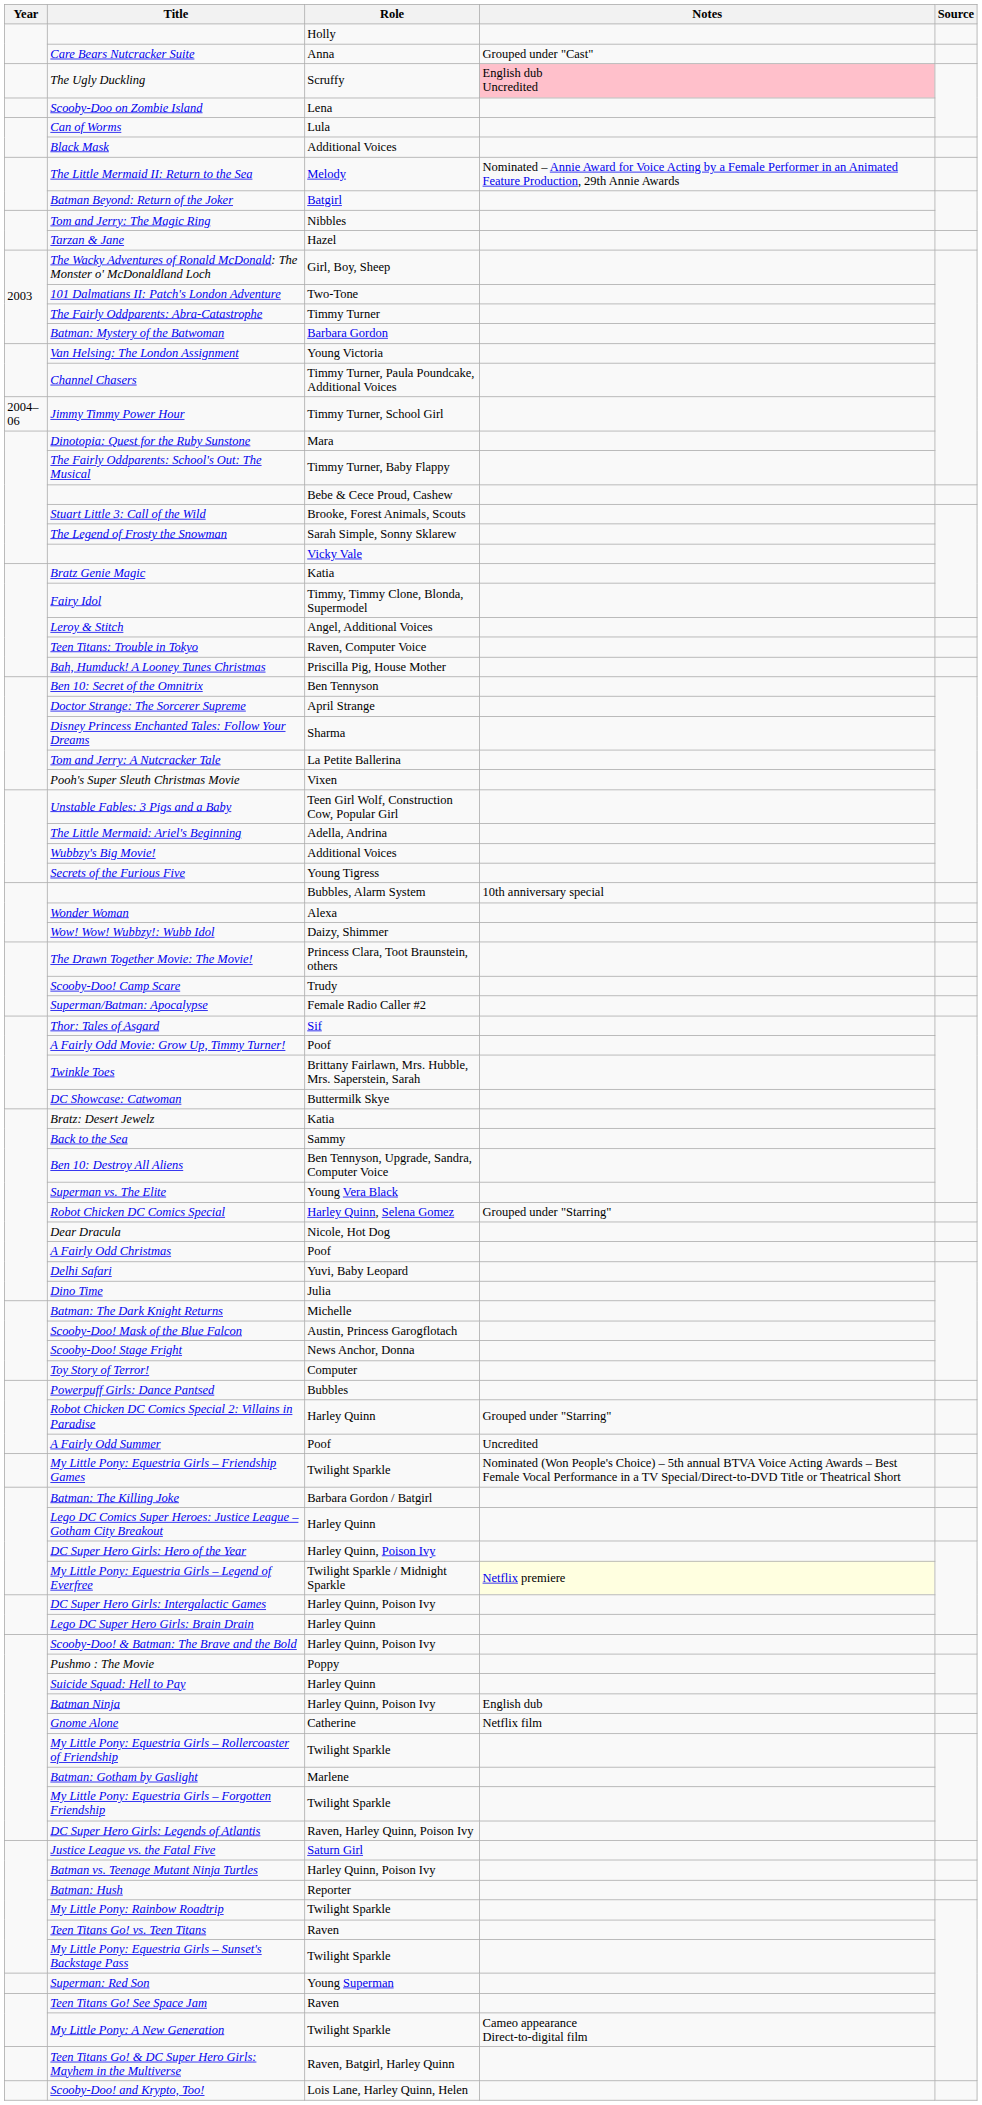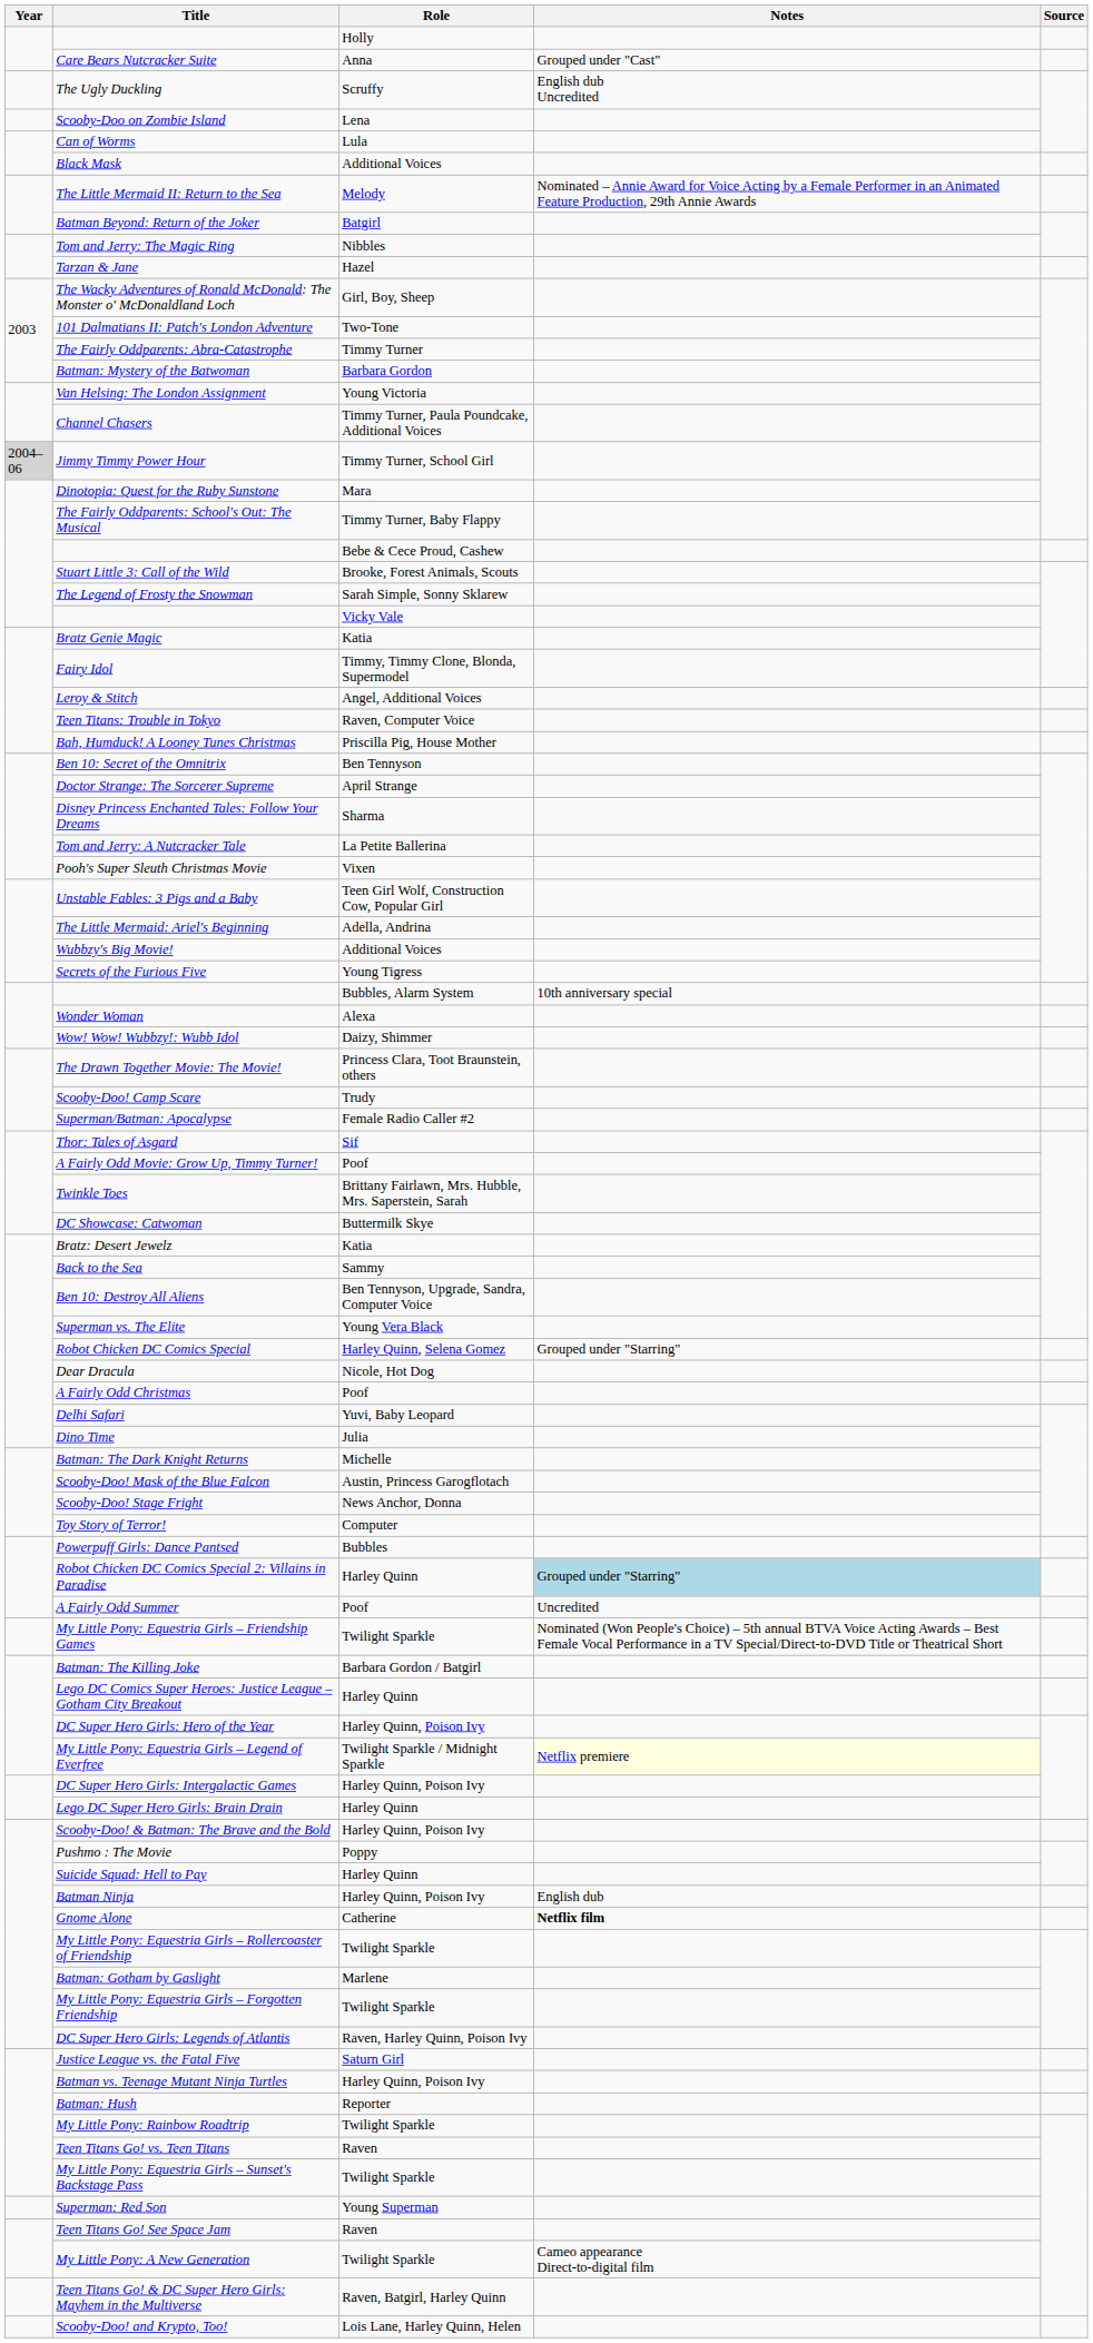 <table class="wikitable sortable plainrowheaders">
 <tr>
 <th>Year </th>
 <th>Title</th>
 <th>Role </th>
 <th class="unsortable">Notes </th>
 <th class="unsortable">Source</th>
 </tr>
 <tr>
 <td rowspan="2"></td>
 <td><em></em></td>
 <td>Holly</td>
 <td> </td>
 <td></td>
 </tr>
 <tr>
 <td><em><a href='#'>Care Bears Nutcracker Suite</a></em></td>
 <td>Anna</td>
 <td>Grouped under "Cast"</td>
 <td></td>
 </tr>
 <tr>
 <td></td>
 <td><em>The Ugly Duckling</em></td>
 <td>Scruffy</td>
-<td style="background: pink;">English dub<br>Uncredited</td>
+<td>English dub<br>Uncredited</td>
 <td rowspan="3"></td>
 </tr>
 <tr>
 <td></td>
 <td><em><a href='#'>Scooby-Doo on Zombie Island</a></em></td>
 <td>Lena</td>
 <td> </td>
 </tr>
 <tr>
 <td rowspan="2"></td>
 <td><em><a href='#'>Can of Worms</a></em></td>
 <td>Lula</td>
 <td> </td>
 </tr>
 <tr>
 <td><em><a href='#'>Black Mask</a></em></td>
 <td>Additional Voices</td>
 <td></td>
 <td> </td>
 </tr>
 <tr>
 <td rowspan="2"></td>
 <td><em><a href='#'>The Little Mermaid II: Return to the Sea</a></em></td>
 <td><a href='#'>Melody</a></td>
 <td>Nominated – <a href='#'>Annie Award for Voice Acting by a Female Performer in an Animated Feature Production</a>, 29th Annie Awards</td>
 <td></td>
 </tr>
 <tr>
 <td><em><a href='#'>Batman Beyond: Return of the Joker</a></em></td>
 <td><a href='#'>Batgirl</a></td>
 <td> </td>
 <td rowspan="2"></td>
 </tr>
 <tr>
 <td rowspan="2"></td>
 <td><em><a href='#'>Tom and Jerry: The Magic Ring</a></em></td>
 <td>Nibbles</td>
 <td> </td>
 </tr>
 <tr>
 <td><em><a href='#'>Tarzan & Jane</a></em></td>
 <td>Hazel</td>
 <td> </td>
 <td></td>
 </tr>
 <tr>
 <td rowspan="4">2003</td>
 <td><em><a href='#'>The Wacky Adventures of Ronald McDonald</a>: The Monster o' McDonaldland Loch</em></td>
 <td>Girl, Boy, Sheep</td>
 <td></td>
 <td rowspan="9"></td>
 </tr>
 <tr>
 <td><em><a href='#'>101 Dalmatians II: Patch's London Adventure</a></em></td>
 <td>Two-Tone</td>
 <td> </td>
 </tr>
 <tr>
 <td><em><a href='#'>The Fairly Oddparents: Abra-Catastrophe</a></em></td>
 <td>Timmy Turner</td>
 <td></td>
 </tr>
 <tr>
 <td><em><a href='#'>Batman: Mystery of the Batwoman</a></em></td>
 <td><a href='#'>Barbara Gordon</a></td>
 <td> </td>
 </tr>
 <tr>
 <td rowspan="2"></td>
 <td><em><a href='#'>Van Helsing: The London Assignment</a></em></td>
 <td>Young Victoria</td>
 <td> </td>
 </tr>
 <tr>
 <td><em><a href='#'>Channel Chasers</a></em></td>
 <td>Timmy Turner, Paula Poundcake, Additional Voices</td>
 <td> </td>
 </tr>
 <tr>
-<td>2004–06</td>
+<td style="background: lightgrey;">2004–06</td>
 <td><em><a href='#'>Jimmy Timmy Power Hour</a></em></td>
 <td>Timmy Turner, School Girl</td>
 <td> </td>
 </tr>
 <tr>
 <td rowspan="6"></td>
 <td><em><a href='#'>Dinotopia: Quest for the Ruby Sunstone</a></em></td>
 <td>Mara</td>
 <td> </td>
 </tr>
 <tr>
 <td><em><a href='#'>The Fairly Oddparents: School's Out: The Musical</a></em></td>
 <td>Timmy Turner, Baby Flappy</td>
 <td> </td>
 </tr>
 <tr>
 <td><em></em></td>
 <td>Bebe & Cece Proud, Cashew</td>
 <td> </td>
 <td></td>
 </tr>
 <tr>
 <td><em><a href='#'>Stuart Little 3: Call of the Wild</a></em></td>
 <td>Brooke, Forest Animals, Scouts</td>
 <td> </td>
 <td rowspan="5"></td>
 </tr>
 <tr>
 <td><em><a href='#'>The Legend of Frosty the Snowman</a></em></td>
 <td>Sarah Simple, Sonny Sklarew</td>
 <td> </td>
 </tr>
 <tr>
 <td><em></em></td>
 <td><a href='#'>Vicky Vale</a></td>
 <td> </td>
 </tr>
 <tr>
 <td rowspan="5"></td>
 <td><em><a href='#'>Bratz Genie Magic</a></em></td>
 <td>Katia</td>
 <td> </td>
 </tr>
 <tr>
 <td><em><a href='#'>Fairy Idol</a></em></td>
 <td>Timmy, Timmy Clone, Blonda, Supermodel</td>
 <td> </td>
 </tr>
 <tr>
 <td><em><a href='#'>Leroy & Stitch</a></em></td>
 <td>Angel, Additional Voices</td>
 <td> </td>
 <td><br></td>
 </tr>
 <tr>
 <td><em><a href='#'>Teen Titans: Trouble in Tokyo</a></em></td>
 <td>Raven, Computer Voice</td>
 <td> </td>
 <td> </td>
 </tr>
 <tr>
 <td><em><a href='#'>Bah, Humduck! A Looney Tunes Christmas</a></em></td>
 <td>Priscilla Pig, House Mother</td>
 <td> </td>
 <td></td>
 </tr>
 <tr>
 <td rowspan="5"></td>
 <td><em><a href='#'>Ben 10: Secret of the Omnitrix</a></em></td>
 <td>Ben Tennyson</td>
 <td> </td>
 <td rowspan="9"></td>
 </tr>
 <tr>
 <td><em><a href='#'>Doctor Strange: The Sorcerer Supreme</a></em></td>
 <td>April Strange</td>
 <td> </td>
 </tr>
 <tr>
 <td><em><a href='#'>Disney Princess Enchanted Tales: Follow Your Dreams</a></em></td>
 <td>Sharma</td>
 <td></td>
 </tr>
 <tr>
 <td><em><a href='#'>Tom and Jerry: A Nutcracker Tale</a></em></td>
 <td>La Petite Ballerina</td>
 <td> </td>
 </tr>
 <tr>
 <td><em>Pooh's Super Sleuth Christmas Movie</em></td>
 <td>Vixen</td>
 <td> </td>
 </tr>
 <tr>
 <td rowspan="4"></td>
 <td><em><a href='#'>Unstable Fables: 3 Pigs and a Baby</a></em></td>
 <td>Teen Girl Wolf, Construction Cow, Popular Girl</td>
 <td> </td>
 </tr>
 <tr>
 <td><em><a href='#'>The Little Mermaid: Ariel's Beginning</a></em></td>
 <td>Adella, Andrina</td>
 <td> </td>
 </tr>
 <tr>
 <td><em><a href='#'>Wubbzy's Big Movie!</a></em></td>
 <td>Additional Voices</td>
 <td> </td>
 </tr>
 <tr>
 <td><em><a href='#'>Secrets of the Furious Five</a></em></td>
 <td>Young Tigress</td>
 <td> </td>
 </tr>
 <tr>
 <td rowspan="3"></td>
 <td><em></em></td>
 <td>Bubbles, Alarm System</td>
 <td>10th anniversary special</td>
 <td></td>
 </tr>
 <tr>
 <td><em><a href='#'>Wonder Woman</a></em></td>
 <td>Alexa</td>
 <td> </td>
 <td></td>
 </tr>
 <tr>
 <td><em><a href='#'>Wow! Wow! Wubbzy!: Wubb Idol</a></em></td>
 <td>Daizy, Shimmer</td>
 <td> </td>
 <td></td>
 </tr>
 <tr>
 <td rowspan="3"></td>
 <td><em><a href='#'>The Drawn Together Movie: The Movie!</a></em></td>
 <td>Princess Clara, Toot Braunstein, others</td>
 <td> </td>
 <td></td>
 </tr>
 <tr>
 <td><em><a href='#'>Scooby-Doo! Camp Scare</a></em></td>
 <td>Trudy</td>
 <td> </td>
 <td></td>
 </tr>
 <tr>
 <td><em><a href='#'>Superman/Batman: Apocalypse</a></em></td>
 <td>Female Radio Caller #2</td>
 <td> </td>
 <td></td>
 </tr>
 <tr>
 <td rowspan="4"></td>
 <td><em><a href='#'>Thor: Tales of Asgard</a></em></td>
 <td><a href='#'>Sif</a></td>
 <td> </td>
 <td rowspan="8"></td>
 </tr>
 <tr>
 <td><em><a href='#'>A Fairly Odd Movie: Grow Up, Timmy Turner!</a></em></td>
 <td>Poof</td>
 <td> </td>
 </tr>
 <tr>
 <td><em><a href='#'>Twinkle Toes</a></em></td>
 <td>Brittany Fairlawn, Mrs. Hubble, Mrs. Saperstein, Sarah</td>
 <td> </td>
 </tr>
 <tr>
 <td><em><a href='#'>DC Showcase: Catwoman</a></em></td>
 <td>Buttermilk Skye</td>
 <td> </td>
 </tr>
 <tr>
 <td rowspan="9"></td>
 <td><em>Bratz: Desert Jewelz</em></td>
 <td>Katia</td>
 <td> </td>
 </tr>
 <tr>
 <td><em><a href='#'>Back to the Sea</a></em></td>
 <td>Sammy</td>
 <td> </td>
 </tr>
 <tr>
 <td><em><a href='#'>Ben 10: Destroy All Aliens</a></em></td>
 <td>Ben Tennyson, Upgrade, Sandra, Computer Voice</td>
 <td> </td>
 </tr>
 <tr>
 <td><em><a href='#'>Superman vs. The Elite</a></em></td>
 <td>Young <a href='#'>Vera Black</a></td>
 <td> </td>
 </tr>
 <tr>
 <td><em><a href='#'>Robot Chicken DC Comics Special</a></em></td>
 <td><a href='#'>Harley Quinn</a>, <a href='#'>Selena Gomez</a></td>
 <td>Grouped under "Starring"</td>
 <td></td>
 </tr>
 <tr>
 <td><em>Dear Dracula</em></td>
 <td>Nicole, Hot Dog</td>
 <td> </td>
 <td></td>
 </tr>
 <tr>
 <td><em><a href='#'>A Fairly Odd Christmas</a></em></td>
 <td>Poof</td>
 <td> </td>
 <td></td>
 </tr>
 <tr>
 <td><em><a href='#'>Delhi Safari</a></em></td>
 <td>Yuvi, Baby Leopard</td>
 <td> </td>
 <td rowspan="6"></td>
 </tr>
 <tr>
 <td><em><a href='#'>Dino Time</a></em></td>
 <td>Julia</td>
 <td> </td>
 </tr>
 <tr>
 <td rowspan="4"></td>
 <td><em><a href='#'>Batman: The Dark Knight Returns</a></em></td>
 <td>Michelle</td>
 <td> </td>
 </tr>
 <tr>
 <td><em><a href='#'>Scooby-Doo! Mask of the Blue Falcon</a></em></td>
 <td>Austin, Princess Garogflotach</td>
 <td> </td>
 </tr>
 <tr>
 <td><em><a href='#'>Scooby-Doo! Stage Fright</a></em></td>
 <td>News Anchor, Donna</td>
 <td> </td>
 </tr>
 <tr>
 <td><em><a href='#'>Toy Story of Terror!</a></em></td>
 <td>Computer</td>
 <td> </td>
 </tr>
 <tr>
 <td rowspan="3"></td>
 <td><em><a href='#'>Powerpuff Girls: Dance Pantsed</a></em></td>
 <td>Bubbles</td>
 <td> </td>
 <td></td>
 </tr>
 <tr>
 <td><em><a href='#'>Robot Chicken DC Comics Special 2: Villains in Paradise</a></em></td>
 <td>Harley Quinn</td>
-<td>Grouped under "Starring"</td>
+<td style="background: lightblue;">Grouped under "Starring"</td>
 <td></td>
 </tr>
 <tr>
 <td><em><a href='#'>A Fairly Odd Summer</a></em></td>
 <td>Poof</td>
 <td>Uncredited</td>
 <td></td>
 </tr>
 <tr>
 <td></td>
 <td><em><a href='#'>My Little Pony: Equestria Girls – Friendship Games</a></em></td>
 <td>Twilight Sparkle</td>
 <td>Nominated (Won People's Choice) – 5th annual BTVA Voice Acting Awards – Best Female Vocal Performance in a TV Special/Direct-to-DVD Title or Theatrical Short</td>
 <td></td>
 </tr>
 <tr>
 <td rowspan="4"></td>
 <td><em><a href='#'>Batman: The Killing Joke</a></em></td>
 <td>Barbara Gordon / Batgirl</td>
 <td> </td>
 <td></td>
 </tr>
 <tr>
 <td><em><a href='#'>Lego DC Comics Super Heroes: Justice League – Gotham City Breakout</a></em></td>
 <td>Harley Quinn</td>
 <td> </td>
 <td></td>
 </tr>
 <tr>
 <td><em><a href='#'>DC Super Hero Girls: Hero of the Year</a></em></td>
 <td>Harley Quinn, <a href='#'>Poison Ivy</a></td>
 <td> </td>
 <td rowspan="4"></td>
 </tr>
 <tr>
 <td><em><a href='#'>My Little Pony: Equestria Girls – Legend of Everfree</a></em></td>
 <td>Twilight Sparkle / Midnight Sparkle</td>
 <td style="background: lightyellow;"><a href='#'>Netflix</a> premiere</td>
 </tr>
 <tr>
 <td rowspan="2"></td>
 <td><em><a href='#'>DC Super Hero Girls: Intergalactic Games</a></em></td>
 <td>Harley Quinn, Poison Ivy</td>
 <td> </td>
 </tr>
 <tr>
 <td><em><a href='#'>Lego DC Super Hero Girls: Brain Drain</a></em></td>
 <td>Harley Quinn</td>
 <td> </td>
 </tr>
 <tr>
 <td rowspan="9"></td>
 <td><em><a href='#'>Scooby-Doo! & Batman: The Brave and the Bold</a></em></td>
 <td>Harley Quinn, Poison Ivy</td>
 <td> </td>
 <td></td>
 </tr>
 <tr>
 <td><em>Pushmo : The Movie</em></td>
 <td>Poppy</td>
 <td> </td>
 <td rowspan="2"></td>
 </tr>
 <tr>
 <td><em><a href='#'>Suicide Squad: Hell to Pay</a></em></td>
 <td>Harley Quinn</td>
 <td></td>
 </tr>
 <tr>
 <td><em><a href='#'>Batman Ninja</a></em></td>
 <td>Harley Quinn, Poison Ivy</td>
 <td>English dub</td>
 <td></td>
 </tr>
 <tr>
 <td><em><a href='#'>Gnome Alone</a></em></td>
 <td>Catherine</td>
-<td>Netflix film</td>
+<td><strong>Netflix film</strong></td>
 <td></td>
 </tr>
 <tr>
 <td><em><a href='#'>My Little Pony: Equestria Girls – Rollercoaster of Friendship</a></em></td>
 <td>Twilight Sparkle</td>
 <td></td>
 <td rowspan="4"></td>
 </tr>
 <tr>
 <td><em><a href='#'>Batman: Gotham by Gaslight</a></em></td>
 <td>Marlene</td>
 <td></td>
 </tr>
 <tr>
 <td><em><a href='#'>My Little Pony: Equestria Girls – Forgotten Friendship</a></em></td>
 <td>Twilight Sparkle</td>
 <td></td>
 </tr>
 <tr>
 <td><em><a href='#'>DC Super Hero Girls: Legends of Atlantis</a></em></td>
 <td>Raven, Harley Quinn, Poison Ivy</td>
 <td></td>
 </tr>
 <tr>
 <td rowspan="6"></td>
 <td><em><a href='#'>Justice League vs. the Fatal Five</a></em></td>
 <td><a href='#'>Saturn Girl</a></td>
 <td></td>
 <td></td>
 </tr>
 <tr>
 <td><em><a href='#'>Batman vs. Teenage Mutant Ninja Turtles</a></em></td>
 <td>Harley Quinn, Poison Ivy</td>
 <td></td>
 <td></td>
 </tr>
 <tr>
 <td><em><a href='#'>Batman: Hush</a></em></td>
 <td>Reporter</td>
 <td></td>
 <td></td>
 </tr>
 <tr>
 <td><em><a href='#'>My Little Pony: Rainbow Roadtrip</a></em></td>
 <td>Twilight Sparkle</td>
 <td></td>
 <td rowspan="7"></td>
 </tr>
 <tr>
 <td><em><a href='#'>Teen Titans Go! vs. Teen Titans</a></em></td>
 <td>Raven</td>
 <td></td>
 </tr>
 <tr>
 <td><em><a href='#'>My Little Pony: Equestria Girls – Sunset's Backstage Pass</a></em></td>
 <td>Twilight Sparkle</td>
 <td></td>
 </tr>
 <tr>
 <td></td>
 <td><em><a href='#'>Superman: Red Son</a></em></td>
 <td>Young <a href='#'>Superman</a></td>
 <td></td>
 </tr>
 <tr>
 <td rowspan="2"></td>
 <td><em><a href='#'>Teen Titans Go! See Space Jam</a></em></td>
 <td>Raven</td>
 <td></td>
 </tr>
 <tr>
 <td><em><a href='#'>My Little Pony: A New Generation</a></em></td>
 <td>Twilight Sparkle</td>
 <td>Cameo appearance<br>Direct-to-digital film</td>
 </tr>
 <tr>
 <td></td>
 <td><em><a href='#'>Teen Titans Go! & DC Super Hero Girls: Mayhem in the Multiverse</a></em></td>
 <td>Raven, Batgirl, Harley Quinn</td>
 <td></td>
 </tr>
 <tr>
 <td></td>
 <td><em><a href='#'>Scooby-Doo! and Krypto, Too!</a></em></td>
 <td>Lois Lane, Harley Quinn, Helen</td>
 <td></td>
 <td></td>
 </tr>
 </table>
